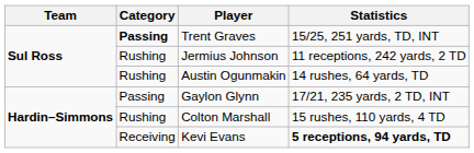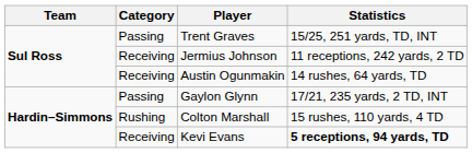 <table class="wikitable" style="float: right;">
 <tr>
 <th>Team</th>
 <th>Category</th>
 <th>Player</th>
 <th>Statistics</th>
 </tr>
 <tr>
 <td rowspan=3><strong>Sul Ross</strong></td>
-<td><strong>Passing</strong></td>
+<td>Passing</td>
 <td>Trent Graves</td>
 <td>15/25, 251 yards, TD, INT</td>
 </tr>
 <tr>
-<td>Rushing</td>
+<td>Receiving</td>
 <td>Jermius Johnson</td>
 <td>11 receptions, 242 yards, 2 TD</td>
 </tr>
 <tr>
-<td>Rushing</td>
+<td>Receiving</td>
 <td>Austin Ogunmakin</td>
 <td>14 rushes, 64 yards, TD</td>
 </tr>
 <tr>
 <td rowspan=3><strong>Hardin–Simmons</strong></td>
 <td>Passing</td>
 <td>Gaylon Glynn</td>
 <td>17/21, 235 yards, 2 TD, INT</td>
 </tr>
 <tr>
 <td>Rushing</td>
 <td>Colton Marshall</td>
 <td>15 rushes, 110 yards, 4 TD</td>
 </tr>
 <tr>
 <td>Receiving</td>
 <td>Kevi Evans</td>
 <td><strong>5 receptions, 94 yards, TD</strong></td>
 </tr>
 </table>
